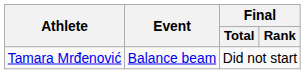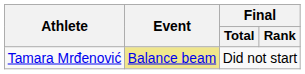 <table class="wikitable" style="font-size:90%">
 <tr>
 <th rowspan=2>Athlete</th>
 <th rowspan=2>Event</th>
 <th colspan=2>Final</th>
 </tr>
 <tr style="font-size:95%">
 <th>Total</th>
 <th>Rank</th>
 </tr>
 <tr align=center>
 <td align=left><a href='#'>Tamara Mrđenović</a></td>
-<td align=left><a href='#'>Balance beam</a></td>
+<td align=left style="background: khaki;"><a href='#'>Balance beam</a></td>
 <td colspan=2>Did not start</td>
 </tr>
 </table>
